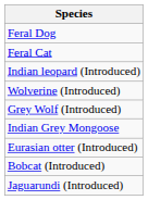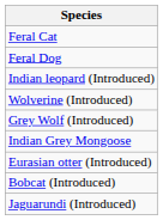 <table class="wikitable">
 <tr>
 <th>Species</th>
 </tr>
 <tr>
-<td><a href='#'>Feral Dog</a></td>
+<td><a href='#'>Feral Cat</a></td>
 </tr>
 <tr>
-<td><a href='#'>Feral Cat</a></td>
+<td><a href='#'>Feral Dog</a></td>
 </tr>
 <tr>
 <td><a href='#'>Indian leopard</a> (Introduced)</td>
 </tr>
 <tr>
 <td><a href='#'>Wolverine</a> (Introduced)</td>
 </tr>
 <tr>
 <td><a href='#'>Grey Wolf</a> (Introduced)</td>
 </tr>
 <tr>
 <td><a href='#'>Indian Grey Mongoose</a></td>
 </tr>
 <tr>
 <td><a href='#'>Eurasian otter</a> (Introduced)</td>
 </tr>
 <tr>
 <td><a href='#'>Bobcat</a> (Introduced)</td>
 </tr>
 <tr>
 <td><a href='#'>Jaguarundi</a> (Introduced)</td>
 </tr>
 </table>
